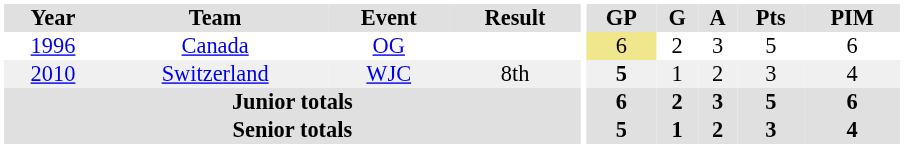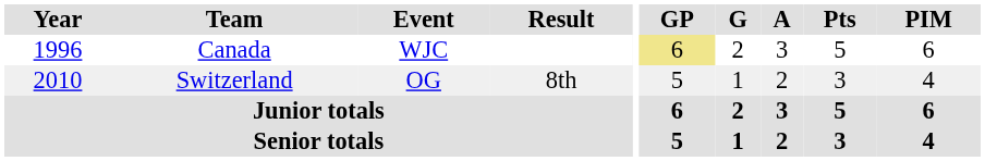 <table border="0" cellpadding="1" cellspacing="0" ID="Table3" style="text-align:center; width:40em">
 <tr ALIGN="center" bgcolor="#e0e0e0">
 <th>Year</th>
 <th>Team</th>
 <th>Event</th>
 <th>Result</th>
 <th rowspan="99" bgcolor="#ffffff"></th>
 <th>GP</th>
 <th>G</th>
 <th>A</th>
 <th>Pts</th>
 <th>PIM</th>
 </tr>
 <tr>
 <td><a href='#'>1996</a></td>
 <td><a href='#'>Canada</a></td>
-<td><a href='#'>OG</a></td>
+<td><a href='#'>WJC</a></td>
 <td></td>
 <td style="background: khaki;">6</td>
 <td>2</td>
 <td>3</td>
 <td>5</td>
 <td>6</td>
 </tr>
 <tr bgcolor="#f0f0f0">
 <td><a href='#'>2010</a></td>
 <td><a href='#'>Switzerland</a></td>
-<td><a href='#'>WJC</a></td>
+<td><a href='#'>OG</a></td>
 <td>8th</td>
-<td><strong>5</strong></td>
+<td>5</td>
 <td>1</td>
 <td>2</td>
 <td>3</td>
 <td>4</td>
 </tr>
 <tr bgcolor="#e0e0e0">
 <th colspan=4>Junior totals</th>
 <th>6</th>
 <th>2</th>
 <th>3</th>
 <th>5</th>
 <th>6</th>
 </tr>
 <tr bgcolor="#e0e0e0">
 <th colspan=4>Senior totals</th>
 <th>5</th>
 <th>1</th>
 <th>2</th>
 <th>3</th>
 <th>4</th>
 </tr>
 </table>
